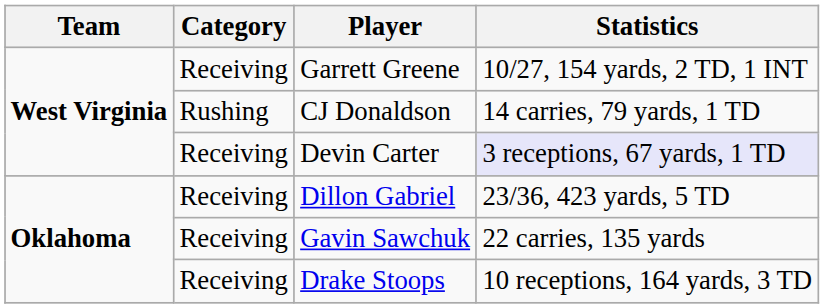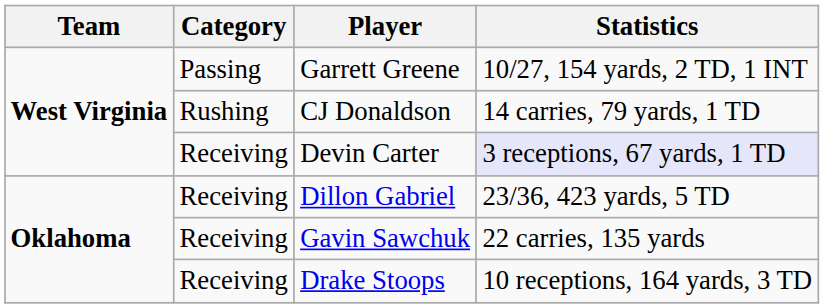 <table class="wikitable" style="float: right;">
 <tr>
 <th>Team</th>
 <th>Category</th>
 <th>Player</th>
 <th>Statistics</th>
 </tr>
 <tr>
 <td rowspan=3><strong>West Virginia</strong></td>
-<td>Receiving</td>
+<td>Passing</td>
 <td>Garrett Greene</td>
 <td>10/27, 154 yards, 2 TD, 1 INT</td>
 </tr>
 <tr>
 <td>Rushing</td>
 <td>CJ Donaldson</td>
 <td>14 carries, 79 yards, 1 TD</td>
 </tr>
 <tr>
 <td>Receiving</td>
 <td>Devin Carter</td>
 <td style="background: lavender;">3 receptions, 67 yards, 1 TD</td>
 </tr>
 <tr>
 <td rowspan=3><strong>Oklahoma</strong></td>
 <td>Receiving</td>
 <td><a href='#'>Dillon Gabriel</a></td>
 <td>23/36, 423 yards, 5 TD</td>
 </tr>
 <tr>
 <td>Receiving</td>
 <td><a href='#'>Gavin Sawchuk</a></td>
 <td>22 carries, 135 yards</td>
 </tr>
 <tr>
 <td>Receiving</td>
 <td><a href='#'>Drake Stoops</a></td>
 <td>10 receptions, 164 yards, 3 TD</td>
 </tr>
 </table>
